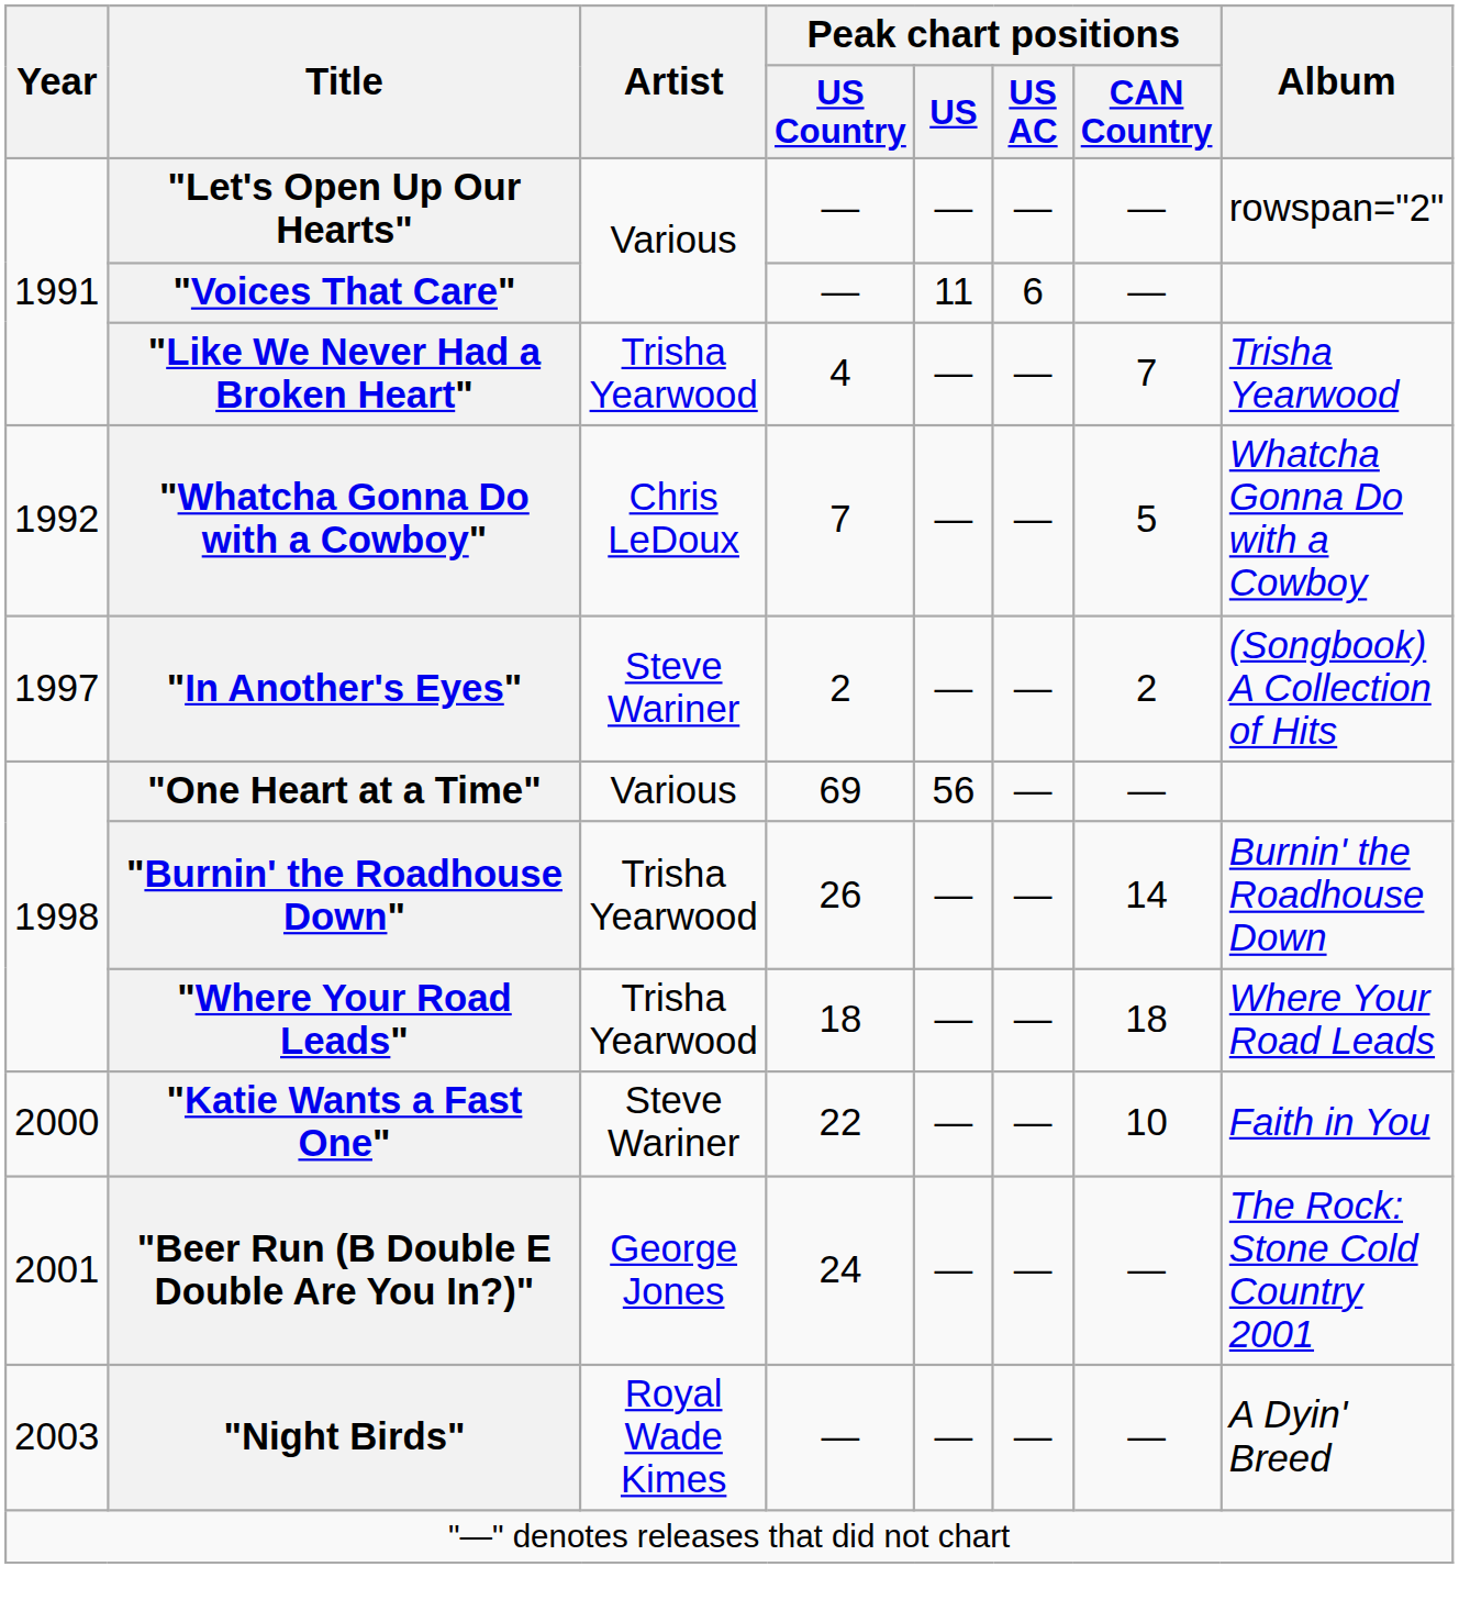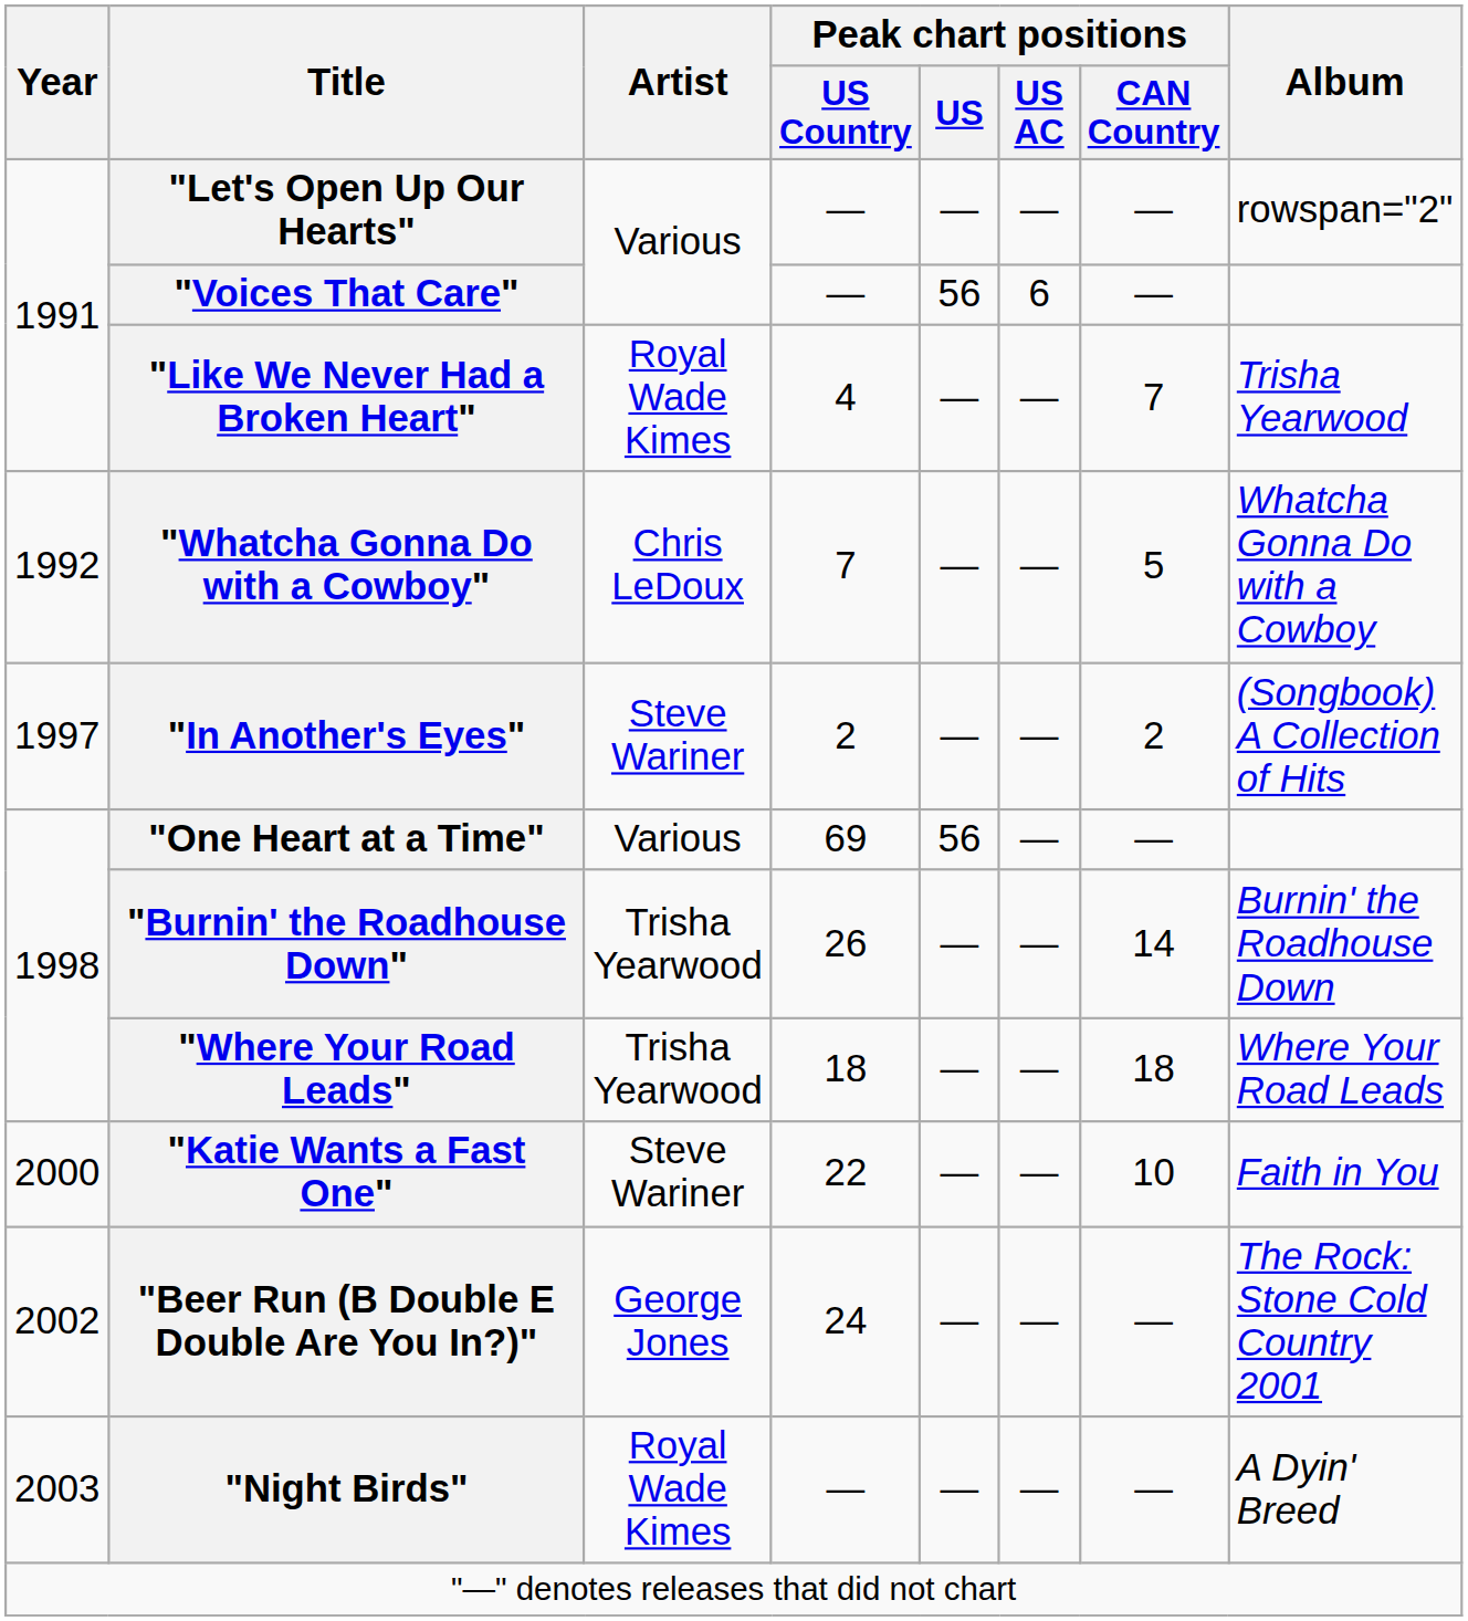 <table class="wikitable plainrowheaders" style="text-align:center;">
 <tr>
 <th rowspan="2">Year</th>
 <th rowspan="2" style="width:22em;">Title</th>
 <th rowspan="2">Artist</th>
 <th colspan="4">Peak chart positions</th>
 <th rowspan="2">Album</th>
 </tr>
 <tr>
 <th scope="col" style="width:2.5em;font-size:90%;"><a href='#'>US <br>Country</a><br></th>
 <th scope="col" style="width:2.5em;font-size:90%;"><a href='#'>US</a><br></th>
 <th scope="col" style="width:2.5em;font-size:90%;"><a href='#'>US AC</a><br></th>
 <th scope="col" style="width:2.5em;font-size:90%;"><a href='#'>CAN <br>Country</a><br></th>
 </tr>
 <tr>
 <td rowspan="3">1991</td>
 <th scope="row">"Let's Open Up Our Hearts"</th>
 <td rowspan="2">Various</td>
 <td>—</td>
 <td>—</td>
 <td>—</td>
 <td>—</td>
 <td>rowspan="2" </td>
 </tr>
 <tr>
 <th scope="row">"<a href='#'>Voices That Care</a>"</th>
 <td>—</td>
-<td>11</td>
+<td>56</td>
 <td>6</td>
 <td>—</td>
 </tr>
 <tr>
 <th scope="row">"<a href='#'>Like We Never Had a Broken Heart</a>"</th>
-<td><a href='#'>Trisha Yearwood</a></td>
+<td><a href='#'>Royal Wade Kimes</a></td>
 <td>4</td>
 <td>—</td>
 <td>—</td>
 <td>7</td>
 <td align="left"><em><a href='#'>Trisha Yearwood</a></em></td>
 </tr>
 <tr>
 <td>1992</td>
 <th scope="row">"<a href='#'>Whatcha Gonna Do with a Cowboy</a>"</th>
 <td><a href='#'>Chris LeDoux</a></td>
 <td>7</td>
 <td>—</td>
 <td>—</td>
 <td>5</td>
 <td align="left"><em><a href='#'>Whatcha Gonna Do with a Cowboy</a></em></td>
 </tr>
 <tr>
 <td>1997</td>
 <th scope="row">"<a href='#'>In Another's Eyes</a>"</th>
 <td><a href='#'>Steve Wariner</a></td>
 <td>2</td>
 <td>—</td>
 <td>—</td>
 <td>2</td>
 <td align="left"><em><a href='#'>(Songbook) A Collection of Hits</a></em></td>
 </tr>
 <tr>
 <td rowspan="3">1998</td>
 <th scope="row">"One Heart at a Time"</th>
 <td>Various</td>
 <td>69</td>
 <td>56</td>
 <td>—</td>
 <td>—</td>
 <td></td>
 </tr>
 <tr>
 <th scope="row">"<a href='#'>Burnin' the Roadhouse Down</a>"</th>
 <td>Trisha Yearwood</td>
 <td>26</td>
 <td>—</td>
 <td>—</td>
 <td>14</td>
 <td align="left"><em><a href='#'>Burnin' the Roadhouse Down</a></em></td>
 </tr>
 <tr>
 <th scope="row">"<a href='#'>Where Your Road Leads</a>"</th>
 <td>Trisha Yearwood</td>
 <td>18</td>
 <td>—</td>
 <td>—</td>
 <td>18</td>
 <td align="left"><em><a href='#'>Where Your Road Leads</a></em></td>
 </tr>
 <tr>
 <td>2000</td>
 <th scope="row">"<a href='#'>Katie Wants a Fast One</a>"</th>
 <td>Steve Wariner</td>
 <td>22</td>
 <td>—</td>
 <td>—</td>
 <td>10</td>
 <td align="left"><em><a href='#'>Faith in You</a></em></td>
 </tr>
 <tr>
-<td>2001</td>
+<td>2002</td>
 <th scope="row">"Beer Run (B Double E Double Are You In?)"</th>
 <td><a href='#'>George Jones</a></td>
 <td>24</td>
 <td>—</td>
 <td>—</td>
 <td>—</td>
 <td align="left"><em><a href='#'>The Rock: Stone Cold Country 2001</a></em></td>
 </tr>
 <tr>
 <td>2003</td>
 <th scope="row">"Night Birds"</th>
 <td><a href='#'>Royal Wade Kimes</a></td>
 <td>—</td>
 <td>—</td>
 <td>—</td>
 <td>—</td>
 <td align="left"><em>A Dyin' Breed</em></td>
 </tr>
 <tr>
 <td colspan="10" style="font-size:85%">"—" denotes releases that did not chart</td>
 </tr>
 </table>
